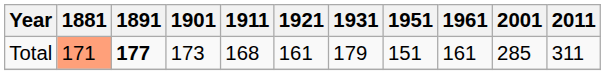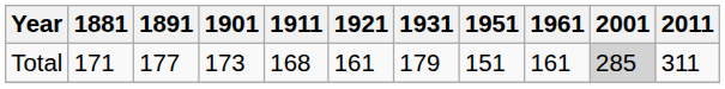 <table class="wikitable">
 <tr>
 <th>Year</th>
 <th>1881</th>
 <th>1891</th>
 <th>1901</th>
 <th>1911</th>
 <th>1921</th>
 <th>1931</th>
 <th>1951</th>
 <th>1961</th>
 <th>2001</th>
 <th>2011</th>
 </tr>
 <tr>
 <td>Total</td>
-<td style="background: lightsalmon;">171</td>
-<td><strong>177</strong></td>
+<td>171</td>
+<td>177</td>
 <td>173</td>
 <td>168</td>
 <td>161</td>
 <td>179</td>
 <td>151</td>
 <td>161</td>
-<td>285</td>
+<td style="background: lightgrey;">285</td>
 <td>311</td>
 </tr>
 <tr>
 </tr>
 </table>
